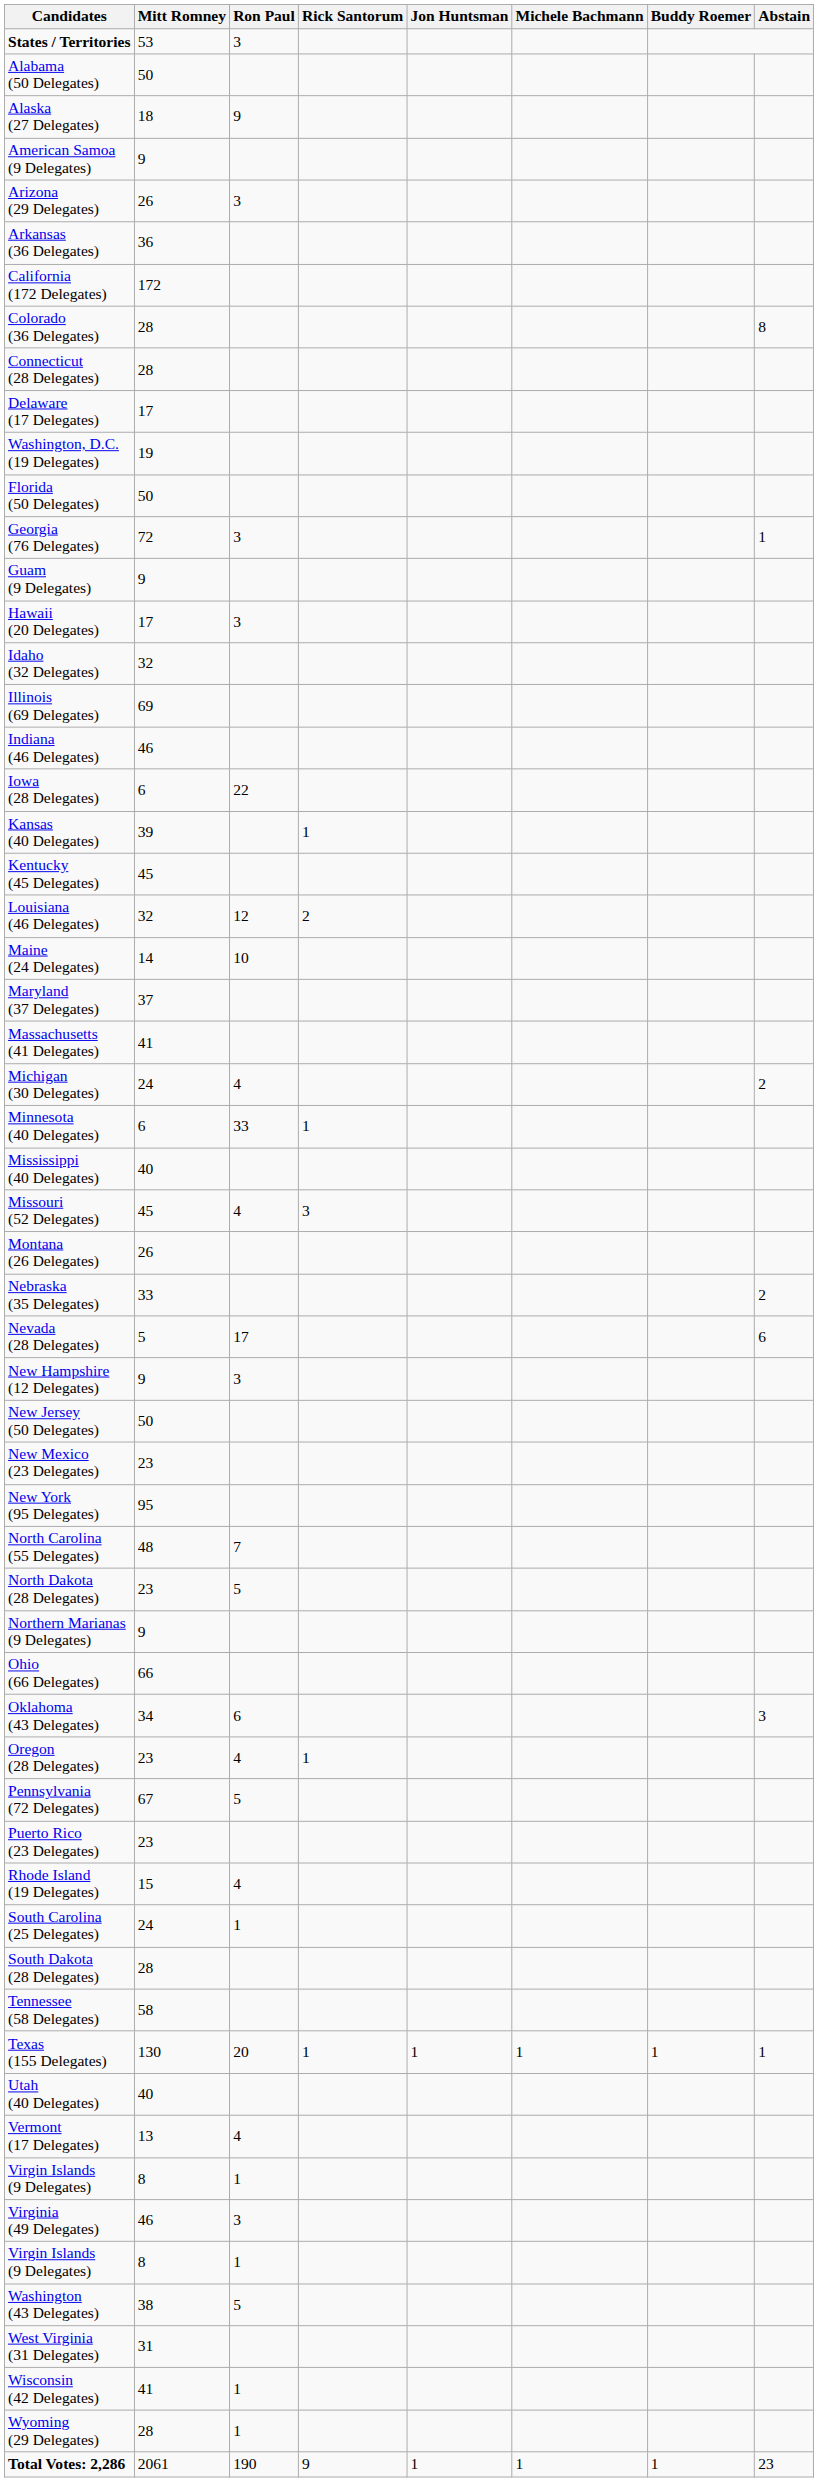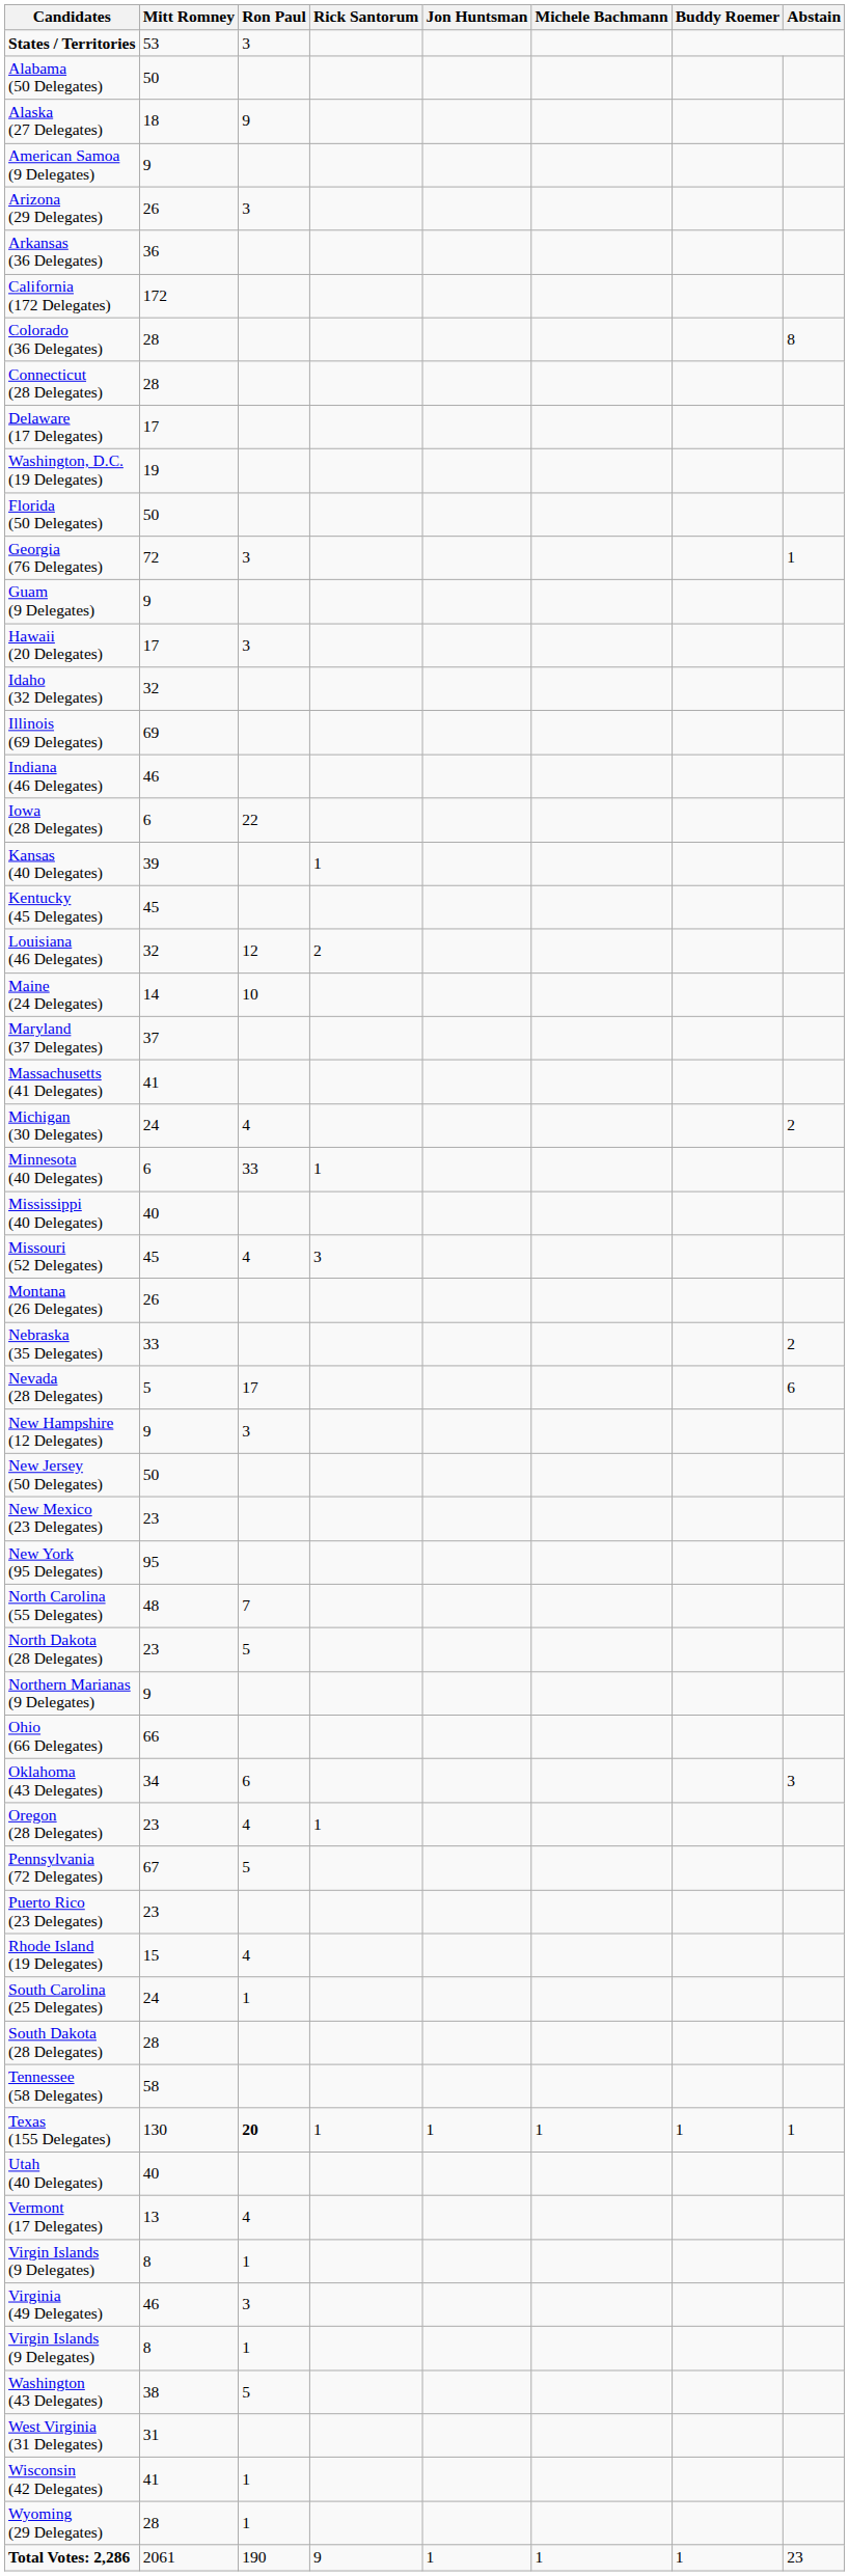 <table class="wikitable">
 <tr>
 <th>Candidates</th>
 <th>Mitt Romney</th>
 <th>Ron Paul</th>
 <th>Rick Santorum</th>
 <th>Jon Huntsman</th>
 <th>Michele Bachmann</th>
 <th>Buddy Roemer</th>
 <th>Abstain</th>
 </tr>
 <tr>
 <td><strong>States / Territories</strong></td>
 <td>53</td>
 <td>3</td>
 <td></td>
 <td></td>
 <td></td>
 </tr>
 <tr>
 <td><a href='#'>Alabama</a><br>(50 Delegates)</td>
 <td>50</td>
 <td></td>
 <td></td>
 <td></td>
 <td></td>
 <td></td>
 <td></td>
 </tr>
 <tr>
 <td><a href='#'>Alaska</a><br>(27 Delegates)</td>
 <td>18</td>
 <td>9</td>
 <td></td>
 <td></td>
 <td></td>
 <td></td>
 <td></td>
 </tr>
 <tr>
 <td><a href='#'>American Samoa</a><br>(9 Delegates)</td>
 <td>9</td>
 <td></td>
 <td></td>
 <td></td>
 <td></td>
 <td></td>
 <td></td>
 </tr>
 <tr>
 <td><a href='#'>Arizona</a><br>(29 Delegates)</td>
 <td>26</td>
 <td>3</td>
 <td></td>
 <td></td>
 <td></td>
 <td></td>
 <td></td>
 </tr>
 <tr>
 <td><a href='#'>Arkansas</a><br>(36 Delegates)</td>
 <td>36</td>
 <td></td>
 <td></td>
 <td></td>
 <td></td>
 <td></td>
 <td></td>
 </tr>
 <tr>
 <td><a href='#'>California</a><br>(172 Delegates)</td>
 <td>172</td>
 <td></td>
 <td></td>
 <td></td>
 <td></td>
 <td></td>
 <td></td>
 </tr>
 <tr>
 <td><a href='#'>Colorado</a><br>(36 Delegates)</td>
 <td>28</td>
 <td></td>
 <td></td>
 <td></td>
 <td></td>
 <td></td>
 <td>8</td>
 </tr>
 <tr>
 <td><a href='#'>Connecticut</a><br>(28 Delegates)</td>
 <td>28</td>
 <td></td>
 <td></td>
 <td></td>
 <td></td>
 <td></td>
 <td></td>
 </tr>
 <tr>
 <td><a href='#'>Delaware</a><br>(17 Delegates)</td>
 <td>17</td>
 <td></td>
 <td></td>
 <td></td>
 <td></td>
 <td></td>
 <td></td>
 </tr>
 <tr>
 <td><a href='#'>Washington, D.C.</a><br>(19 Delegates)</td>
 <td>19</td>
 <td></td>
 <td></td>
 <td></td>
 <td></td>
 <td></td>
 <td></td>
 </tr>
 <tr>
 <td><a href='#'>Florida</a><br>(50 Delegates)</td>
 <td>50</td>
 <td></td>
 <td></td>
 <td></td>
 <td></td>
 <td></td>
 <td></td>
 </tr>
 <tr>
 <td><a href='#'>Georgia</a><br>(76 Delegates)</td>
 <td>72</td>
 <td>3</td>
 <td></td>
 <td></td>
 <td></td>
 <td></td>
 <td>1</td>
 </tr>
 <tr>
 <td><a href='#'>Guam</a><br>(9 Delegates)</td>
 <td>9</td>
 <td></td>
 <td></td>
 <td></td>
 <td></td>
 <td></td>
 <td></td>
 </tr>
 <tr>
 <td><a href='#'>Hawaii</a><br>(20 Delegates)</td>
 <td>17</td>
 <td>3</td>
 <td></td>
 <td></td>
 <td></td>
 <td></td>
 <td></td>
 </tr>
 <tr>
 <td><a href='#'>Idaho</a><br>(32 Delegates)</td>
 <td>32</td>
 <td></td>
 <td></td>
 <td></td>
 <td></td>
 <td></td>
 <td></td>
 </tr>
 <tr>
 <td><a href='#'>Illinois</a><br>(69 Delegates)</td>
 <td>69</td>
 <td></td>
 <td></td>
 <td></td>
 <td></td>
 <td></td>
 <td></td>
 </tr>
 <tr>
 <td><a href='#'>Indiana</a><br>(46 Delegates)</td>
 <td>46</td>
 <td></td>
 <td></td>
 <td></td>
 <td></td>
 <td></td>
 <td></td>
 </tr>
 <tr>
 <td><a href='#'>Iowa</a><br>(28 Delegates)</td>
 <td>6</td>
 <td>22</td>
 <td></td>
 <td></td>
 <td></td>
 <td></td>
 <td></td>
 </tr>
 <tr>
 <td><a href='#'>Kansas</a><br>(40 Delegates)</td>
 <td>39</td>
 <td></td>
 <td>1</td>
 <td></td>
 <td></td>
 <td></td>
 <td></td>
 </tr>
 <tr>
 <td><a href='#'>Kentucky</a><br>(45 Delegates)</td>
 <td>45</td>
 <td></td>
 <td></td>
 <td></td>
 <td></td>
 <td></td>
 <td></td>
 </tr>
 <tr>
 <td><a href='#'>Louisiana</a><br>(46 Delegates)</td>
 <td>32</td>
 <td>12</td>
 <td>2</td>
 <td></td>
 <td></td>
 <td></td>
 <td></td>
 </tr>
 <tr>
 <td><a href='#'>Maine</a><br>(24 Delegates)</td>
 <td>14</td>
 <td>10</td>
 <td></td>
 <td></td>
 <td></td>
 <td></td>
 <td></td>
 </tr>
 <tr>
 <td><a href='#'>Maryland</a><br>(37 Delegates)</td>
 <td>37</td>
 <td></td>
 <td></td>
 <td></td>
 <td></td>
 <td></td>
 <td></td>
 </tr>
 <tr>
 <td><a href='#'>Massachusetts</a><br>(41 Delegates)</td>
 <td>41</td>
 <td></td>
 <td></td>
 <td></td>
 <td></td>
 <td></td>
 <td></td>
 </tr>
 <tr>
 <td><a href='#'>Michigan</a><br>(30 Delegates)</td>
 <td>24</td>
 <td>4</td>
 <td></td>
 <td></td>
 <td></td>
 <td></td>
 <td>2</td>
 </tr>
 <tr>
 <td><a href='#'>Minnesota</a><br>(40 Delegates)</td>
 <td>6</td>
 <td>33</td>
 <td>1</td>
 <td></td>
 <td></td>
 <td></td>
 <td></td>
 </tr>
 <tr>
 <td><a href='#'>Mississippi</a><br>(40 Delegates)</td>
 <td>40</td>
 <td></td>
 <td></td>
 <td></td>
 <td></td>
 <td></td>
 <td></td>
 </tr>
 <tr>
 <td><a href='#'>Missouri</a><br>(52 Delegates)</td>
 <td>45</td>
 <td>4</td>
 <td>3</td>
 <td></td>
 <td></td>
 <td></td>
 <td></td>
 </tr>
 <tr>
 <td><a href='#'>Montana</a><br>(26 Delegates)</td>
 <td>26</td>
 <td></td>
 <td></td>
 <td></td>
 <td></td>
 <td></td>
 <td></td>
 </tr>
 <tr>
 <td><a href='#'>Nebraska</a><br>(35 Delegates)</td>
 <td>33</td>
 <td></td>
 <td></td>
 <td></td>
 <td></td>
 <td></td>
 <td>2</td>
 </tr>
 <tr>
 <td><a href='#'>Nevada</a><br>(28 Delegates)</td>
 <td>5</td>
 <td>17</td>
 <td></td>
 <td></td>
 <td></td>
 <td></td>
 <td>6</td>
 </tr>
 <tr>
 <td><a href='#'>New Hampshire</a><br>(12 Delegates)</td>
 <td>9</td>
 <td>3</td>
 <td></td>
 <td></td>
 <td></td>
 <td></td>
 <td></td>
 </tr>
 <tr>
 <td><a href='#'>New Jersey</a><br>(50 Delegates)</td>
 <td>50</td>
 <td></td>
 <td></td>
 <td></td>
 <td></td>
 <td></td>
 <td></td>
 </tr>
 <tr>
 <td><a href='#'>New Mexico</a><br>(23 Delegates)</td>
 <td>23</td>
 <td></td>
 <td></td>
 <td></td>
 <td></td>
 <td></td>
 <td></td>
 </tr>
 <tr>
 <td><a href='#'>New York</a><br>(95 Delegates)</td>
 <td>95</td>
 <td></td>
 <td></td>
 <td></td>
 <td></td>
 <td></td>
 <td></td>
 </tr>
 <tr>
 <td><a href='#'>North Carolina</a><br>(55 Delegates)</td>
 <td>48</td>
 <td>7</td>
 <td></td>
 <td></td>
 <td></td>
 <td></td>
 <td></td>
 </tr>
 <tr>
 <td><a href='#'>North Dakota</a><br>(28 Delegates)</td>
 <td>23</td>
 <td>5</td>
 <td></td>
 <td></td>
 <td></td>
 <td></td>
 <td></td>
 </tr>
 <tr>
 <td><a href='#'>Northern Marianas</a><br>(9 Delegates)</td>
 <td>9</td>
 <td></td>
 <td></td>
 <td></td>
 <td></td>
 <td></td>
 <td></td>
 </tr>
 <tr>
 <td><a href='#'>Ohio</a><br>(66 Delegates)</td>
 <td>66</td>
 <td></td>
 <td></td>
 <td></td>
 <td></td>
 <td></td>
 <td></td>
 </tr>
 <tr>
 <td><a href='#'>Oklahoma</a><br>(43 Delegates)</td>
 <td>34</td>
 <td>6</td>
 <td></td>
 <td></td>
 <td></td>
 <td></td>
 <td>3</td>
 </tr>
 <tr>
 <td><a href='#'>Oregon</a><br>(28 Delegates)</td>
 <td>23</td>
 <td>4</td>
 <td>1</td>
 <td></td>
 <td></td>
 <td></td>
 <td></td>
 </tr>
 <tr>
 <td><a href='#'>Pennsylvania</a><br>(72 Delegates)</td>
 <td>67</td>
 <td>5</td>
 <td></td>
 <td></td>
 <td></td>
 <td></td>
 <td></td>
 </tr>
 <tr>
 <td><a href='#'>Puerto Rico</a><br>(23 Delegates)</td>
 <td>23</td>
 <td></td>
 <td></td>
 <td></td>
 <td></td>
 <td></td>
 <td></td>
 </tr>
 <tr>
 <td><a href='#'>Rhode Island</a><br>(19 Delegates)</td>
 <td>15</td>
 <td>4</td>
 <td></td>
 <td></td>
 <td></td>
 <td></td>
 <td></td>
 </tr>
 <tr>
 <td><a href='#'>South Carolina</a><br>(25 Delegates)</td>
 <td>24</td>
 <td>1</td>
 <td></td>
 <td></td>
 <td></td>
 <td></td>
 <td></td>
 </tr>
 <tr>
 <td><a href='#'>South Dakota</a><br>(28 Delegates)</td>
 <td>28</td>
 <td></td>
 <td></td>
 <td></td>
 <td></td>
 <td></td>
 <td></td>
 </tr>
 <tr>
 <td><a href='#'>Tennessee</a><br>(58 Delegates)</td>
 <td>58</td>
 <td></td>
 <td></td>
 <td></td>
 <td></td>
 <td></td>
 <td></td>
 </tr>
 <tr>
 <td><a href='#'>Texas</a><br>(155 Delegates)</td>
 <td>130</td>
-<td>20</td>
+<td><strong>20</strong></td>
 <td>1</td>
 <td>1</td>
 <td>1</td>
 <td>1</td>
 <td>1</td>
 </tr>
 <tr>
 <td><a href='#'>Utah</a><br>(40 Delegates)</td>
 <td>40</td>
 <td></td>
 <td></td>
 <td></td>
 <td></td>
 <td></td>
 <td></td>
 </tr>
 <tr>
 <td><a href='#'>Vermont</a><br>(17 Delegates)</td>
 <td>13</td>
 <td>4</td>
 <td></td>
 <td></td>
 <td></td>
 <td></td>
 <td></td>
 </tr>
 <tr>
 <td><a href='#'>Virgin Islands</a><br>(9 Delegates)</td>
 <td>8</td>
 <td>1</td>
 <td></td>
 <td></td>
 <td></td>
 <td></td>
 <td></td>
 </tr>
 <tr>
 <td><a href='#'>Virginia</a><br>(49 Delegates)</td>
 <td>46</td>
 <td>3</td>
 <td></td>
 <td></td>
 <td></td>
 <td></td>
 <td></td>
 </tr>
 <tr>
 <td><a href='#'>Virgin Islands</a><br>(9 Delegates)</td>
 <td>8</td>
 <td>1</td>
 <td></td>
 <td></td>
 <td></td>
 <td></td>
 <td></td>
 </tr>
 <tr>
 <td><a href='#'>Washington</a><br>(43 Delegates)</td>
 <td>38</td>
 <td>5</td>
 <td></td>
 <td></td>
 <td></td>
 <td></td>
 <td></td>
 </tr>
 <tr>
 <td><a href='#'>West Virginia</a><br>(31 Delegates)</td>
 <td>31</td>
 <td></td>
 <td></td>
 <td></td>
 <td></td>
 <td></td>
 <td></td>
 </tr>
 <tr>
 <td><a href='#'>Wisconsin</a><br>(42 Delegates)</td>
 <td>41</td>
 <td>1</td>
 <td></td>
 <td></td>
 <td></td>
 <td></td>
 <td></td>
 </tr>
 <tr>
 <td><a href='#'>Wyoming</a><br>(29 Delegates)</td>
 <td>28</td>
 <td>1</td>
 <td></td>
 <td></td>
 <td></td>
 <td></td>
 <td></td>
 </tr>
 <tr>
 <td><strong>Total Votes: 2,286</strong></td>
 <td>2061</td>
 <td>190</td>
 <td>9</td>
 <td>1</td>
 <td>1</td>
 <td>1</td>
 <td>23</td>
 </tr>
 </table>
